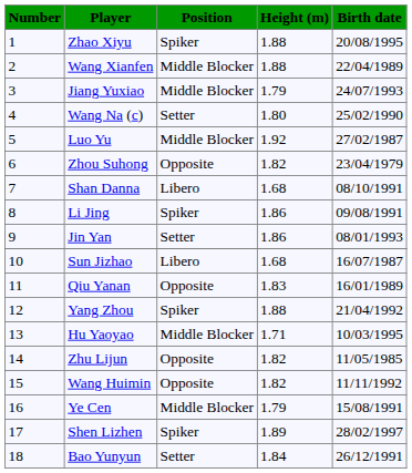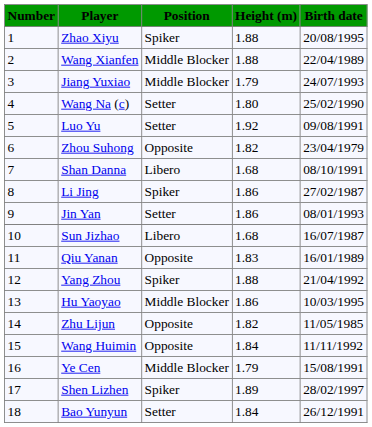 <table bgcolor="#f7f8ff" cellpadding="3" cellspacing="0" border="1" style="font-size: 95%; border: gray solid 1px; border-collapse: collapse;">
 <tr bgcolor="#009900">
 <td align=center><strong>Number</strong></td>
 <td align=center><strong>Player</strong></td>
 <td align=center><strong>Position</strong></td>
 <td align=center><strong>Height (m)</strong></td>
 <td align=center><strong>Birth date</strong></td>
 </tr>
 <tr align=left>
 <td>1</td>
 <td> <a href='#'>Zhao Xiyu</a></td>
 <td>Spiker</td>
 <td>1.88</td>
 <td>20/08/1995</td>
 </tr>
 <tr align=left>
 <td>2</td>
 <td> <a href='#'>Wang Xianfen</a></td>
 <td>Middle Blocker</td>
 <td>1.88</td>
 <td>22/04/1989</td>
 </tr>
 <tr align=left>
 <td>3</td>
 <td> <a href='#'>Jiang Yuxiao</a></td>
 <td>Middle Blocker</td>
 <td>1.79</td>
 <td>24/07/1993</td>
 </tr>
 <tr align=left>
 <td>4</td>
 <td> <a href='#'>Wang Na</a> (<a href='#'>c</a>)</td>
 <td>Setter</td>
 <td>1.80</td>
 <td>25/02/1990</td>
 </tr>
 <tr align=left>
 <td>5</td>
 <td> <a href='#'>Luo Yu</a></td>
-<td>Middle Blocker</td>
+<td>Setter</td>
 <td>1.92</td>
-<td>27/02/1987</td>
+<td>09/08/1991</td>
 </tr>
 <tr align=left>
 <td>6</td>
 <td> <a href='#'>Zhou Suhong</a></td>
 <td>Opposite</td>
 <td>1.82</td>
 <td>23/04/1979</td>
 </tr>
 <tr align="left">
 <td>7</td>
 <td> <a href='#'>Shan Danna</a></td>
 <td>Libero</td>
 <td>1.68</td>
 <td>08/10/1991</td>
 </tr>
 <tr align="left">
 <td>8</td>
 <td> <a href='#'>Li Jing</a></td>
 <td>Spiker</td>
 <td>1.86</td>
-<td>09/08/1991</td>
+<td>27/02/1987</td>
 </tr>
 <tr align="left">
 <td>9</td>
 <td> <a href='#'>Jin Yan</a></td>
 <td>Setter</td>
 <td>1.86</td>
 <td>08/01/1993</td>
 </tr>
 <tr align="left">
 </tr>
 <tr align="left">
 <td>10</td>
 <td> <a href='#'>Sun Jizhao</a></td>
 <td>Libero</td>
 <td>1.68</td>
 <td>16/07/1987</td>
 </tr>
 <tr align="left">
 <td>11</td>
 <td> <a href='#'>Qiu Yanan</a></td>
 <td>Opposite</td>
 <td>1.83</td>
 <td>16/01/1989</td>
 </tr>
 <tr align="left">
 <td>12</td>
 <td> <a href='#'>Yang Zhou</a></td>
 <td>Spiker</td>
 <td>1.88</td>
 <td>21/04/1992</td>
 </tr>
 <tr align="left">
 <td>13</td>
 <td> <a href='#'>Hu Yaoyao</a></td>
 <td>Middle Blocker</td>
-<td>1.71</td>
+<td>1.86</td>
 <td>10/03/1995</td>
 </tr>
 <tr align="left">
 <td>14</td>
 <td> <a href='#'>Zhu Lijun</a></td>
 <td>Opposite</td>
 <td>1.82</td>
 <td>11/05/1985</td>
 </tr>
 <tr align="left">
 <td>15</td>
 <td> <a href='#'>Wang Huimin</a></td>
 <td>Opposite</td>
-<td>1.82</td>
+<td>1.84</td>
 <td>11/11/1992</td>
 </tr>
 <tr align="left">
 <td>16</td>
 <td> <a href='#'>Ye Cen</a></td>
 <td>Middle Blocker</td>
 <td>1.79</td>
 <td>15/08/1991</td>
 </tr>
 <tr align="left">
 <td>17</td>
 <td> <a href='#'>Shen Lizhen</a></td>
 <td>Spiker</td>
 <td>1.89</td>
 <td>28/02/1997</td>
 </tr>
 <tr align="left">
 <td>18</td>
 <td> <a href='#'>Bao Yunyun</a></td>
 <td>Setter</td>
 <td>1.84</td>
 <td>26/12/1991</td>
 </tr>
 </table>
